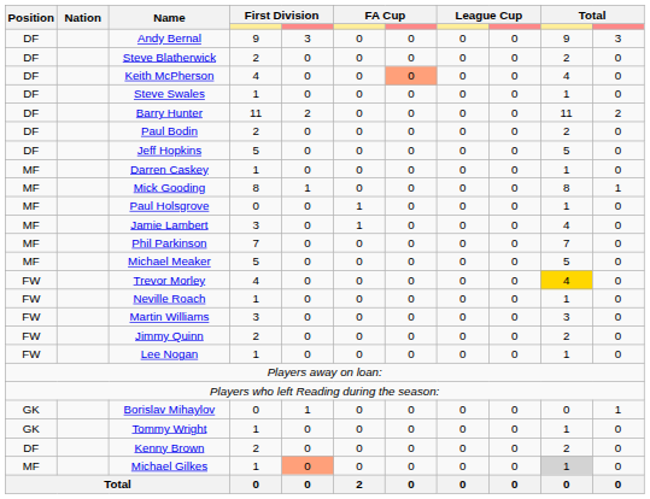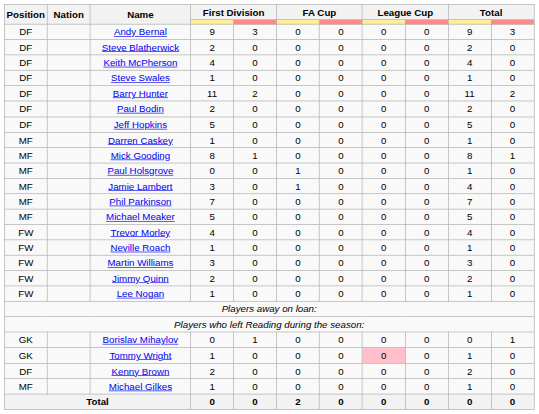 <table class="wikitable" style="font-size: 95%; text-align: center;">
 <tr>
 <th rowspan=2 width=60>Position</th>
 <th rowspan=2 width=60>Nation</th>
 <th rowspan=2 width=150>Name</th>
 <th colspan=2>First Division</th>
 <th colspan=2>FA Cup</th>
 <th colspan=2>League Cup</th>
 <th colspan=2>Total</th>
 </tr>
 <tr>
 <th style="width:60px; background:#fe9;"></th>
 <th style="width:60px; background:#ff8888;"></th>
 <th style="width:60px; background:#fe9;"></th>
 <th style="width:60px; background:#ff8888;"></th>
 <th style="width:60px; background:#fe9;"></th>
 <th style="width:60px; background:#ff8888;"></th>
 <th style="width:60px; background:#fe9;"></th>
 <th style="width:60px; background:#ff8888;"></th>
 </tr>
 <tr>
 <td>DF</td>
 <td></td>
 <td><a href='#'>Andy Bernal</a></td>
 <td>9</td>
 <td>3</td>
 <td>0</td>
 <td>0</td>
 <td>0</td>
 <td>0</td>
 <td>9</td>
 <td>3</td>
 </tr>
 <tr>
 <td>DF</td>
 <td></td>
 <td><a href='#'>Steve Blatherwick</a></td>
 <td>2</td>
 <td>0</td>
 <td>0</td>
 <td>0</td>
 <td>0</td>
 <td>0</td>
 <td>2</td>
 <td>0</td>
 </tr>
 <tr>
 <td>DF</td>
 <td></td>
 <td><a href='#'>Keith McPherson</a></td>
 <td>4</td>
 <td>0</td>
 <td>0</td>
-<td style="background: lightsalmon;">0</td>
+<td>0</td>
 <td>0</td>
 <td>0</td>
 <td>4</td>
 <td>0</td>
 </tr>
 <tr>
 <td>DF</td>
 <td></td>
 <td><a href='#'>Steve Swales</a></td>
 <td>1</td>
 <td>0</td>
 <td>0</td>
 <td>0</td>
 <td>0</td>
 <td>0</td>
 <td>1</td>
 <td>0</td>
 </tr>
 <tr>
 <td>DF</td>
 <td></td>
 <td><a href='#'>Barry Hunter</a></td>
 <td>11</td>
 <td>2</td>
 <td>0</td>
 <td>0</td>
 <td>0</td>
 <td>0</td>
 <td>11</td>
 <td>2</td>
 </tr>
 <tr>
 <td>DF</td>
 <td></td>
 <td><a href='#'>Paul Bodin</a></td>
 <td>2</td>
 <td>0</td>
 <td>0</td>
 <td>0</td>
 <td>0</td>
 <td>0</td>
 <td>2</td>
 <td>0</td>
 </tr>
 <tr>
 <td>DF</td>
 <td></td>
 <td><a href='#'>Jeff Hopkins</a></td>
 <td>5</td>
 <td>0</td>
 <td>0</td>
 <td>0</td>
 <td>0</td>
 <td>0</td>
 <td>5</td>
 <td>0</td>
 </tr>
 <tr>
 <td>MF</td>
 <td></td>
 <td><a href='#'>Darren Caskey</a></td>
 <td>1</td>
 <td>0</td>
 <td>0</td>
 <td>0</td>
 <td>0</td>
 <td>0</td>
 <td>1</td>
 <td>0</td>
 </tr>
 <tr>
 <td>MF</td>
 <td></td>
 <td><a href='#'>Mick Gooding</a></td>
 <td>8</td>
 <td>1</td>
 <td>0</td>
 <td>0</td>
 <td>0</td>
 <td>0</td>
 <td>8</td>
 <td>1</td>
 </tr>
 <tr>
 <td>MF</td>
 <td></td>
 <td><a href='#'>Paul Holsgrove</a></td>
 <td>0</td>
 <td>0</td>
 <td>1</td>
 <td>0</td>
 <td>0</td>
 <td>0</td>
 <td>1</td>
 <td>0</td>
 </tr>
 <tr>
 <td>MF</td>
 <td></td>
 <td><a href='#'>Jamie Lambert</a></td>
 <td>3</td>
 <td>0</td>
 <td>1</td>
 <td>0</td>
 <td>0</td>
 <td>0</td>
 <td>4</td>
 <td>0</td>
 </tr>
 <tr>
 <td>MF</td>
 <td></td>
 <td><a href='#'>Phil Parkinson</a></td>
 <td>7</td>
 <td>0</td>
 <td>0</td>
 <td>0</td>
 <td>0</td>
 <td>0</td>
 <td>7</td>
 <td>0</td>
 </tr>
 <tr>
 <td>MF</td>
 <td></td>
 <td><a href='#'>Michael Meaker</a></td>
 <td>5</td>
 <td>0</td>
 <td>0</td>
 <td>0</td>
 <td>0</td>
 <td>0</td>
 <td>5</td>
 <td>0</td>
 </tr>
 <tr>
 <td>FW</td>
 <td></td>
 <td><a href='#'>Trevor Morley</a></td>
 <td>4</td>
 <td>0</td>
 <td>0</td>
 <td>0</td>
 <td>0</td>
 <td>0</td>
-<td style="background: gold;">4</td>
+<td>4</td>
 <td>0</td>
 </tr>
 <tr>
 <td>FW</td>
 <td></td>
 <td><a href='#'>Neville Roach</a></td>
 <td>1</td>
 <td>0</td>
 <td>0</td>
 <td>0</td>
 <td>0</td>
 <td>0</td>
 <td>1</td>
 <td>0</td>
 </tr>
 <tr>
 <td>FW</td>
 <td></td>
 <td><a href='#'>Martin Williams</a></td>
 <td>3</td>
 <td>0</td>
 <td>0</td>
 <td>0</td>
 <td>0</td>
 <td>0</td>
 <td>3</td>
 <td>0</td>
 </tr>
 <tr>
 <td>FW</td>
 <td></td>
 <td><a href='#'>Jimmy Quinn</a></td>
 <td>2</td>
 <td>0</td>
 <td>0</td>
 <td>0</td>
 <td>0</td>
 <td>0</td>
 <td>2</td>
 <td>0</td>
 </tr>
 <tr>
 <td>FW</td>
 <td></td>
 <td><a href='#'>Lee Nogan</a></td>
 <td>1</td>
 <td>0</td>
 <td>0</td>
 <td>0</td>
 <td>0</td>
 <td>0</td>
 <td>1</td>
 <td>0</td>
 </tr>
 <tr>
 <td colspan="12"><em>Players away on loan:</em></td>
 </tr>
 <tr>
 <td colspan="12"><em>Players who left Reading during the season:</em></td>
 </tr>
 <tr>
 <td>GK</td>
 <td></td>
 <td><a href='#'>Borislav Mihaylov</a></td>
 <td>0</td>
 <td>1</td>
 <td>0</td>
 <td>0</td>
 <td>0</td>
 <td>0</td>
 <td>0</td>
 <td>1</td>
 </tr>
 <tr>
 <td>GK</td>
 <td></td>
 <td><a href='#'>Tommy Wright</a></td>
 <td>1</td>
 <td>0</td>
 <td>0</td>
 <td>0</td>
-<td>0</td>
+<td style="background: pink;">0</td>
 <td>0</td>
 <td>1</td>
 <td>0</td>
 </tr>
 <tr>
 <td>DF</td>
 <td></td>
 <td><a href='#'>Kenny Brown</a></td>
 <td>2</td>
 <td>0</td>
 <td>0</td>
 <td>0</td>
 <td>0</td>
 <td>0</td>
 <td>2</td>
 <td>0</td>
 </tr>
 <tr>
 <td>MF</td>
 <td></td>
 <td><a href='#'>Michael Gilkes</a></td>
 <td>1</td>
-<td style="background: lightsalmon;">0</td>
 <td>0</td>
 <td>0</td>
 <td>0</td>
 <td>0</td>
-<td style="background: lightgrey;">1</td>
+<td>0</td>
+<td>1</td>
 <td>0</td>
 </tr>
 <tr>
 <th colspan=3>Total</th>
 <th>0</th>
 <th>0</th>
 <th>2</th>
 <th>0</th>
 <th>0</th>
 <th>0</th>
 <th>0</th>
 <th>0</th>
 </tr>
 </table>
